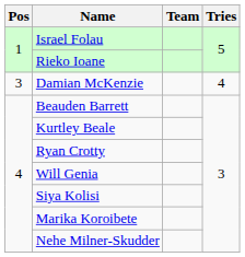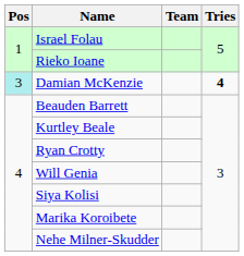 <table class="wikitable" style="text-align:center">
 <tr>
 <th>Pos</th>
 <th>Name</th>
 <th>Team</th>
 <th>Tries</th>
 </tr>
 <tr style="background:#d0ffd0">
 <td rowspan=2>1</td>
 <td align="left"><a href='#'>Israel Folau</a></td>
 <td align="left"></td>
 <td rowspan=2>5</td>
 </tr>
 <tr style="background:#d0ffd0">
 <td align="left"><a href='#'>Rieko Ioane</a></td>
 <td align="left"></td>
 </tr>
 <tr>
-<td>3</td>
+<td style="background: paleturquoise;">3</td>
 <td align="left"><a href='#'>Damian McKenzie</a></td>
 <td align="left"></td>
-<td>4</td>
+<td><strong>4</strong></td>
 </tr>
 <tr>
 <td rowspan=7>4</td>
 <td align="left"><a href='#'>Beauden Barrett</a></td>
 <td align="left"></td>
 <td rowspan=7>3</td>
 </tr>
 <tr>
 <td align="left"><a href='#'>Kurtley Beale</a></td>
 <td align="left"></td>
 </tr>
 <tr>
 <td align="left"><a href='#'>Ryan Crotty</a></td>
 <td align="left"></td>
 </tr>
 <tr>
 <td align="left"><a href='#'>Will Genia</a></td>
 <td align="left"></td>
 </tr>
 <tr>
 <td align="left"><a href='#'>Siya Kolisi</a></td>
 <td align="left"></td>
 </tr>
 <tr>
 <td align="left"><a href='#'>Marika Koroibete</a></td>
 <td align="left"></td>
 </tr>
 <tr>
 <td align="left"><a href='#'>Nehe Milner-Skudder</a></td>
 <td align="left"></td>
 </tr>
 </table>
